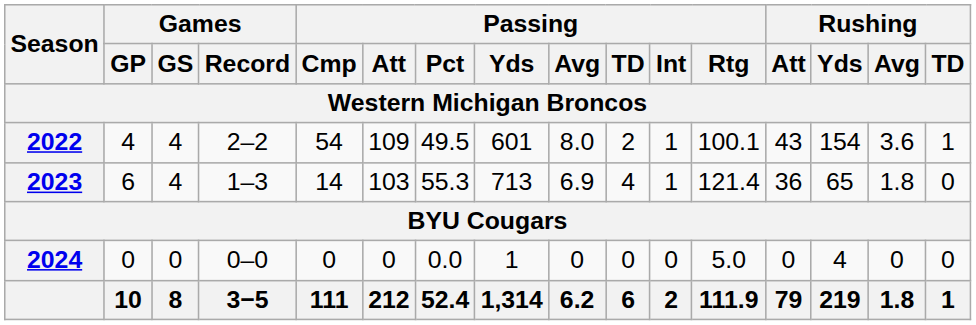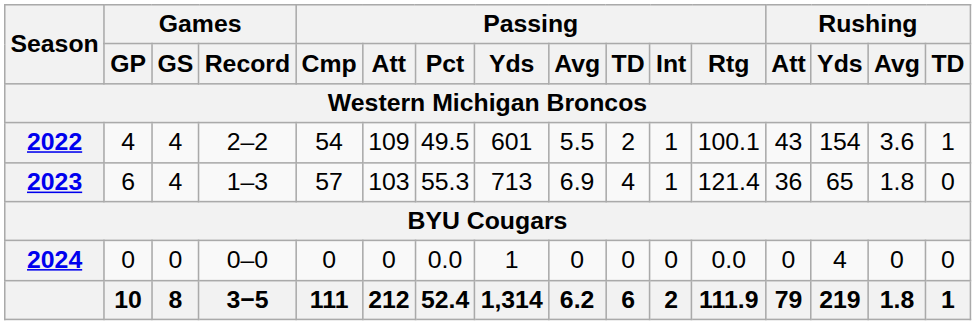 <table class="wikitable" style="text-align:center;">
 <tr>
 <th rowspan="2">Season</th>
 <th colspan="3">Games</th>
 <th colspan="8">Passing</th>
 <th colspan="5">Rushing</th>
 </tr>
 <tr>
 <th>GP</th>
 <th>GS</th>
 <th>Record</th>
 <th>Cmp</th>
 <th>Att</th>
 <th>Pct</th>
 <th>Yds</th>
 <th>Avg</th>
 <th>TD</th>
 <th>Int</th>
 <th>Rtg</th>
 <th>Att</th>
 <th>Yds</th>
 <th>Avg</th>
 <th>TD</th>
 </tr>
 <tr>
 <th colspan="16">Western Michigan Broncos</th>
 </tr>
 <tr>
 <th><a href='#'>2022</a></th>
 <td>4</td>
 <td>4</td>
 <td>2–2</td>
 <td>54</td>
 <td>109</td>
 <td>49.5</td>
 <td>601</td>
-<td>8.0</td>
+<td>5.5</td>
 <td>2</td>
 <td>1</td>
 <td>100.1</td>
 <td>43</td>
 <td>154</td>
 <td>3.6</td>
 <td>1</td>
 </tr>
 <tr>
 <th><a href='#'>2023</a></th>
 <td>6</td>
 <td>4</td>
 <td>1–3</td>
-<td>14</td>
+<td>57</td>
 <td>103</td>
 <td>55.3</td>
 <td>713</td>
 <td>6.9</td>
 <td>4</td>
 <td>1</td>
 <td>121.4</td>
 <td>36</td>
 <td>65</td>
 <td>1.8</td>
 <td>0</td>
 </tr>
 <tr>
 <th colspan="16">BYU Cougars</th>
 </tr>
 <tr>
 <th><a href='#'>2024</a></th>
 <td>0</td>
 <td>0</td>
 <td>0–0</td>
 <td>0</td>
 <td>0</td>
 <td>0.0</td>
 <td>1</td>
 <td>0</td>
 <td>0</td>
 <td>0</td>
-<td>5.0</td>
+<td>0.0</td>
 <td>0</td>
 <td>4</td>
 <td>0</td>
 <td>0</td>
 </tr>
 <tr>
 <th></th>
 <th>10</th>
 <th>8</th>
 <th>3−5</th>
 <th>111</th>
 <th>212</th>
 <th>52.4</th>
 <th>1,314</th>
 <th>6.2</th>
 <th>6</th>
 <th>2</th>
 <th>111.9</th>
 <th>79</th>
 <th>219</th>
 <th>1.8</th>
 <th>1</th>
 </tr>
 </table>
